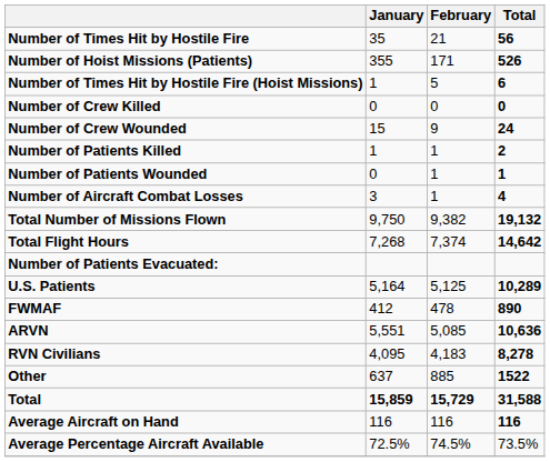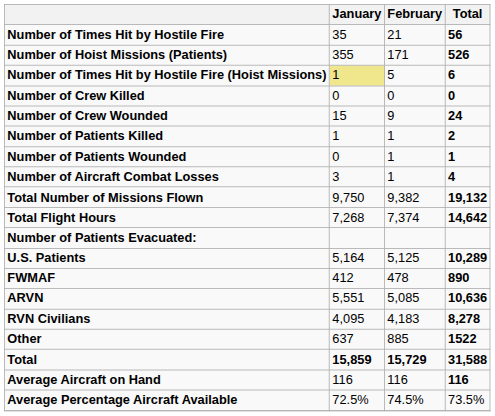 <table class="wikitable">
 <tr>
 <th></th>
 <th>January</th>
 <th>February</th>
 <th>Total</th>
 </tr>
 <tr>
 <td><strong>Number of Times Hit by Hostile Fire</strong></td>
 <td>35</td>
 <td>21</td>
 <td><strong>56</strong></td>
 </tr>
 <tr>
 <td><strong>Number of Hoist Missions (Patients)</strong></td>
 <td>355</td>
 <td>171</td>
 <td><strong>526</strong></td>
 </tr>
 <tr>
 <td><strong>Number of Times Hit by Hostile Fire (Hoist Missions)</strong></td>
-<td>1</td>
+<td style="background: khaki;">1</td>
 <td>5</td>
 <td><strong>6</strong></td>
 </tr>
 <tr>
 <td><strong>Number of Crew Killed</strong></td>
 <td>0</td>
 <td>0</td>
 <td><strong>0</strong></td>
 </tr>
 <tr>
 <td><strong>Number of Crew Wounded</strong></td>
 <td>15</td>
 <td>9</td>
 <td><strong>24</strong></td>
 </tr>
 <tr>
 <td><strong>Number of Patients Killed</strong></td>
 <td>1</td>
 <td>1</td>
 <td><strong>2</strong></td>
 </tr>
 <tr>
 <td><strong>Number of Patients Wounded</strong></td>
 <td>0</td>
 <td>1</td>
 <td><strong>1</strong></td>
 </tr>
 <tr>
 <td><strong>Number of Aircraft Combat Losses</strong></td>
 <td>3</td>
 <td>1</td>
 <td><strong>4</strong></td>
 </tr>
 <tr>
 <td><strong>Total Number of Missions Flown</strong></td>
 <td>9,750</td>
 <td>9,382</td>
 <td><strong>19,132</strong></td>
 </tr>
 <tr>
 <td><strong>Total Flight Hours</strong></td>
 <td>7,268</td>
 <td>7,374</td>
 <td><strong>14,642</strong></td>
 </tr>
 <tr>
 <td><strong>Number of Patients Evacuated:</strong></td>
 <td></td>
 <td></td>
 <td></td>
 </tr>
 <tr>
 <td><strong>U.S. Patients</strong></td>
 <td>5,164</td>
 <td>5,125</td>
 <td><strong>10,289</strong></td>
 </tr>
 <tr>
 <td><strong>FWMAF</strong></td>
 <td>412</td>
 <td>478</td>
 <td><strong>890</strong></td>
 </tr>
 <tr>
 <td><strong>ARVN</strong></td>
 <td>5,551</td>
 <td>5,085</td>
 <td><strong>10,636</strong></td>
 </tr>
 <tr>
 <td><strong>RVN Civilians</strong></td>
 <td>4,095</td>
 <td>4,183</td>
 <td><strong>8,278</strong></td>
 </tr>
 <tr>
 <td><strong>Other</strong></td>
 <td>637</td>
 <td>885</td>
 <td><strong>1522</strong></td>
 </tr>
 <tr>
 <td><strong>Total</strong></td>
 <td><strong>15,859</strong></td>
 <td><strong>15,729</strong></td>
 <td><strong>31,588</strong></td>
 </tr>
 <tr>
 <td><strong>Average Aircraft on Hand</strong></td>
 <td>116</td>
 <td>116</td>
 <td><strong>116</strong></td>
 </tr>
 <tr>
 <td><strong>Average Percentage Aircraft Available</strong></td>
 <td>72.5%</td>
 <td>74.5%</td>
 <td>73.5%</td>
 </tr>
 <tr>
 </tr>
 </table>
